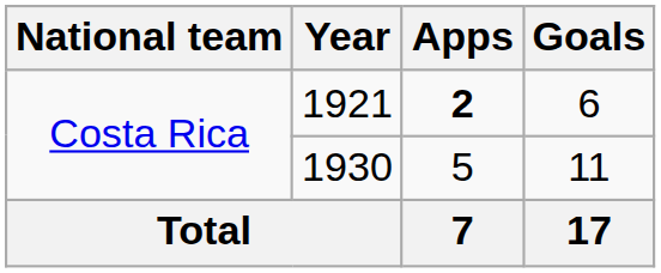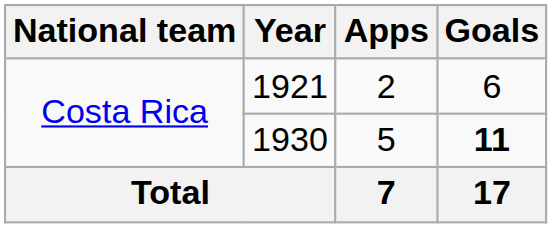 <table class=wikitable style=text-align:center>
 <tr>
 <th>National team</th>
 <th>Year</th>
 <th>Apps</th>
 <th>Goals</th>
 </tr>
 <tr>
 <td rowspan="2"><a href='#'>Costa Rica</a></td>
 <td>1921</td>
-<td><strong>2</strong></td>
+<td>2</td>
 <td>6</td>
 </tr>
 <tr>
 <td>1930</td>
 <td>5</td>
-<td>11</td>
+<td><strong>11</strong></td>
 </tr>
 <tr>
 <th colspan="2">Total</th>
 <th>7</th>
 <th>17</th>
 </tr>
 </table>
